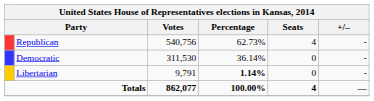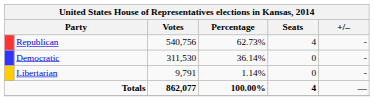 <table class="wikitable" style="font-size: 95%;">
 <tr>
 <th colspan="6">United States House of Representatives elections in Kansas, 2014</th>
 </tr>
 <tr>
 <th colspan=2 style="width: 15em">Party</th>
 <th style="width: 5em">Votes</th>
 <th style="width: 7em">Percentage</th>
 <th style="width: 5em">Seats</th>
 <th style="width: 5em">+/–</th>
 </tr>
 <tr>
 <th style="background-color:#FF3333; width: 3px"></th>
 <td style="width: 130px"><a href='#'>Republican</a></td>
 <td align="right">540,756</td>
 <td align="right">62.73%</td>
 <td align="right">4</td>
 <td align="right">-</td>
 </tr>
 <tr>
 <th style="background-color:#3333FF; width: 3px"></th>
 <td style="width: 130px"><a href='#'>Democratic</a></td>
 <td align="right">311,530</td>
 <td align="right">36.14%</td>
 <td align="right">0</td>
 <td align="right">-</td>
 </tr>
 <tr>
 <th style="background-color:#FFCC00; width: 3px"></th>
 <td style="width: 130px"><a href='#'>Libertarian</a></td>
 <td align="right">9,791</td>
-<td align="right"><strong>1.14%</strong></td>
+<td align="right">1.14%</td>
 <td align="right">0</td>
 <td align="right">-</td>
 </tr>
 <tr>
 <td colspan="2" align="right"><strong>Totals</strong></td>
 <td align="right"><strong>862,077</strong></td>
 <td align="right"><strong>100.00%</strong></td>
 <td align="right"><strong>4</strong></td>
 <td align="right"><strong>—</strong></td>
 </tr>
 <tr bgcolor="#EEEEEE">
 </tr>
 </table>
